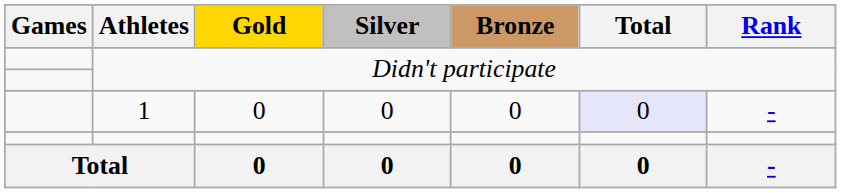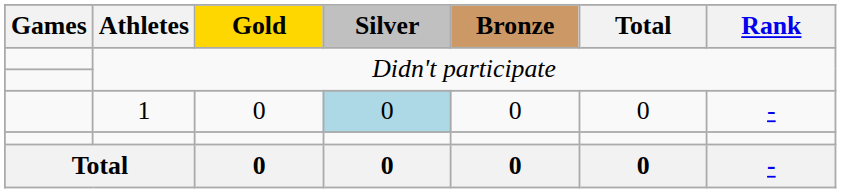 <table class="wikitable sortable" style="text-align:center; font-size:90%;">
 <tr>
 <th>Games</th>
 <th>Athletes</th>
 <th style="background:gold; width:4.5em; font-weight:bold;">Gold</th>
 <th style="background:silver; width:4.5em; font-weight:bold;">Silver</th>
 <th style="background:#cc9966; width:4.5em; font-weight:bold;">Bronze</th>
 <th style="width:4.5em; font-weight:bold;">Total</th>
 <th style="width:4.5em; font-weight:bold;"><a href='#'>Rank</a></th>
 </tr>
 <tr>
 <td align=left></td>
 <td rowspan=2 colspan=6><em>Didn't participate</em></td>
 </tr>
 <tr>
 <td align=left></td>
 </tr>
 <tr>
 <td align=left></td>
 <td>1</td>
 <td>0</td>
+<td style="background: lightblue;">0</td>
 <td>0</td>
 <td>0</td>
-<td style="background: lavender;">0</td>
 <td><a href='#'>-</a></td>
 </tr>
 <tr>
 <td align=left><em></em></td>
 <td></td>
 <td></td>
 <td></td>
 <td></td>
 <td></td>
 <td></td>
 </tr>
 <tr>
 <th colspan=2>Total</th>
 <th>0</th>
 <th>0</th>
 <th>0</th>
 <th>0</th>
 <th><a href='#'>-</a></th>
 </tr>
 </table>
